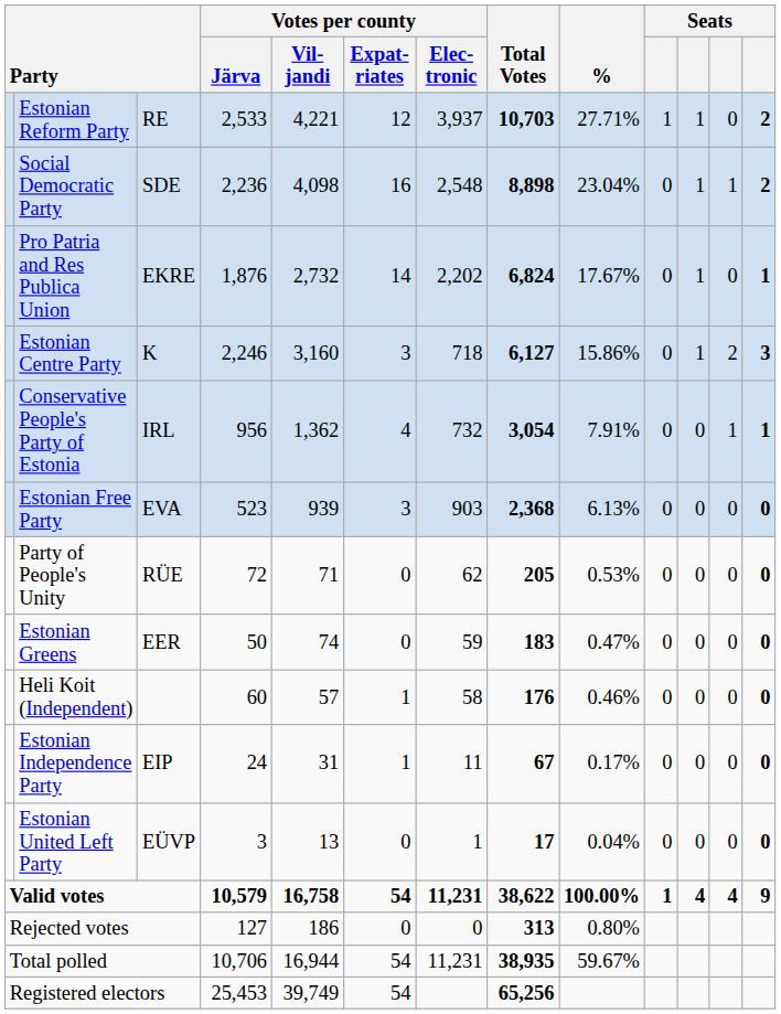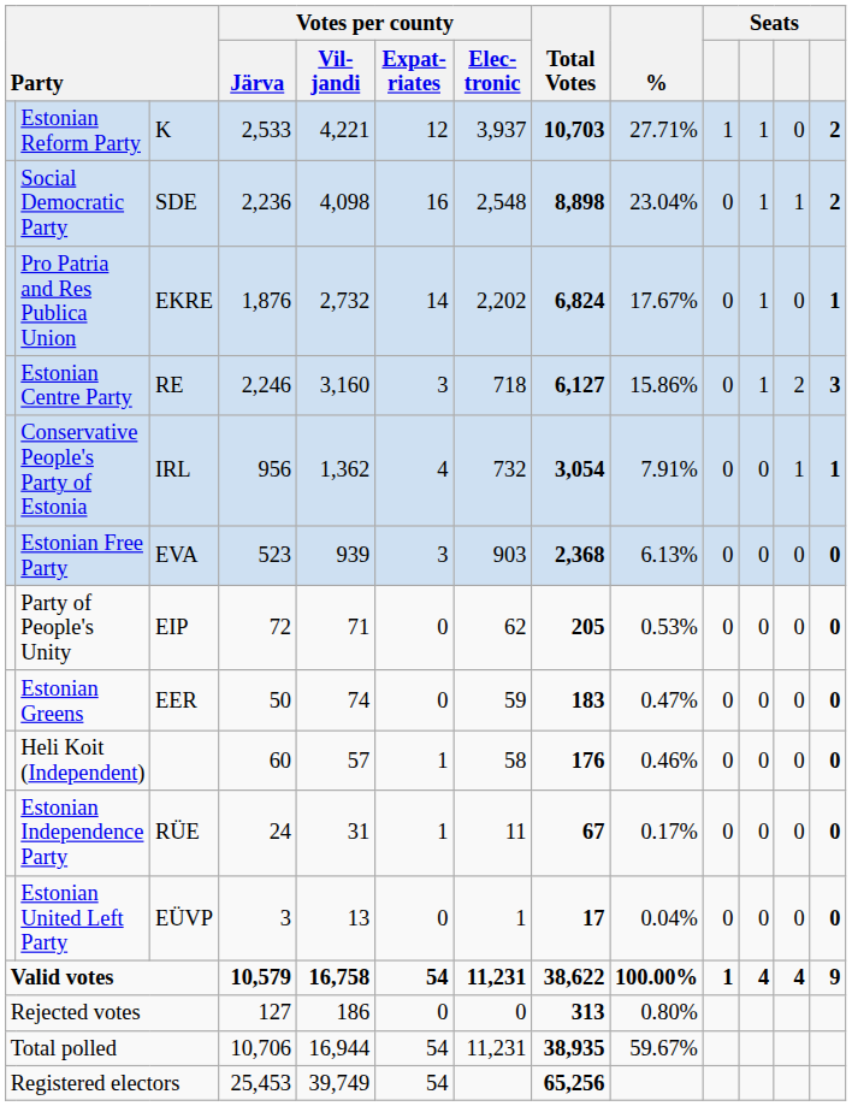 <table class="wikitable" border="1" style="text-align:right;">
 <tr>
 <th style="text-align:left;" valign=bottom rowspan=2 colspan=3>Party</th>
 <th colspan=4>Votes per county</th>
 <th align=center valign=bottom rowspan=2 width="50">Total Votes</th>
 <th align=center valign=bottom rowspan=2 width="50">%</th>
 <th colspan=4>Seats</th>
 </tr>
 <tr>
 <th align=center valign=bottom width="50"><a href='#'>Järva</a></th>
 <th align=center valign=bottom width="50"><a href='#'>Vil- jandi</a></th>
 <th align=center valign=bottom width="50"><a href='#'>Expat- riates</a></th>
 <th align=center valign=bottom width="50"><a href='#'>Elec- tronic</a></th>
 <th align=center valign=bottom width="20"><small></small></th>
 <th align=center valign=bottom width="20"><small></small></th>
 <th align=center valign=bottom width="20"><small></small></th>
 <th align=center valign=bottom width="20"><small></small></th>
 </tr>
 <tr style="background:#CEE0F2;">
 <td style="background:"></td>
 <td align=left><a href='#'>Estonian Reform Party</a></td>
-<td align=left>RE</td>
+<td align=left>K</td>
 <td>2,533</td>
 <td>4,221</td>
 <td>12</td>
 <td>3,937</td>
 <td><strong>10,703</strong></td>
 <td>27.71%</td>
 <td>1</td>
 <td>1</td>
 <td>0</td>
 <td><strong>2</strong></td>
 </tr>
 <tr style="background:#CEE0F2;">
 <td style="background:"></td>
 <td align=left><a href='#'>Social Democratic Party</a></td>
 <td align=left>SDE</td>
 <td>2,236</td>
 <td>4,098</td>
 <td>16</td>
 <td>2,548</td>
 <td><strong>8,898</strong></td>
 <td>23.04%</td>
 <td>0</td>
 <td>1</td>
 <td>1</td>
 <td><strong>2</strong></td>
 </tr>
 <tr style="background:#CEE0F2;">
 <td style="background:"></td>
 <td align=left><a href='#'>Pro Patria and Res Publica Union</a></td>
 <td align=left>EKRE</td>
 <td>1,876</td>
 <td>2,732</td>
 <td>14</td>
 <td>2,202</td>
 <td><strong>6,824</strong></td>
 <td>17.67%</td>
 <td>0</td>
 <td>1</td>
 <td>0</td>
 <td><strong>1</strong></td>
 </tr>
 <tr style="background:#CEE0F2;">
 <td style="background:"></td>
 <td align=left><a href='#'>Estonian Centre Party</a></td>
-<td align=left>K</td>
+<td align=left>RE</td>
 <td>2,246</td>
 <td>3,160</td>
 <td>3</td>
 <td>718</td>
 <td><strong>6,127</strong></td>
 <td>15.86%</td>
 <td>0</td>
 <td>1</td>
 <td>2</td>
 <td><strong>3</strong></td>
 </tr>
 <tr style="background:#CEE0F2;">
 <td style="background:"></td>
 <td align=left><a href='#'>Conservative People's Party of Estonia</a></td>
 <td align=left>IRL</td>
 <td>956</td>
 <td>1,362</td>
 <td>4</td>
 <td>732</td>
 <td><strong>3,054</strong></td>
 <td>7.91%</td>
 <td>0</td>
 <td>0</td>
 <td>1</td>
 <td><strong>1</strong></td>
 </tr>
 <tr style="background:#CEE0F2;">
 <td style="background:"></td>
 <td align=left><a href='#'>Estonian Free Party</a></td>
 <td align=left>EVA</td>
 <td>523</td>
 <td>939</td>
 <td>3</td>
 <td>903</td>
 <td><strong>2,368</strong></td>
 <td>6.13%</td>
 <td>0</td>
 <td>0</td>
 <td>0</td>
 <td><strong>0</strong></td>
 </tr>
 <tr>
 <td></td>
 <td align=left>Party of People's Unity</td>
-<td align=left>RÜE</td>
+<td align=left>EIP</td>
 <td>72</td>
 <td>71</td>
 <td>0</td>
 <td>62</td>
 <td><strong>205</strong></td>
 <td>0.53%</td>
 <td>0</td>
 <td>0</td>
 <td>0</td>
 <td><strong>0</strong></td>
 </tr>
 <tr>
 <td style="background:"></td>
 <td align=left><a href='#'>Estonian Greens</a></td>
 <td align=left>EER</td>
 <td>50</td>
 <td>74</td>
 <td>0</td>
 <td>59</td>
 <td><strong>183</strong></td>
 <td>0.47%</td>
 <td>0</td>
 <td>0</td>
 <td>0</td>
 <td><strong>0</strong></td>
 </tr>
 <tr>
 <td style="background:"></td>
 <td align=left>Heli Koit (<a href='#'>Independent</a>)</td>
 <td></td>
 <td>60</td>
 <td>57</td>
 <td>1</td>
 <td>58</td>
 <td><strong>176</strong></td>
 <td>0.46%</td>
 <td>0</td>
 <td>0</td>
 <td>0</td>
 <td><strong>0</strong></td>
 </tr>
 <tr>
 <td style="background:"></td>
 <td align=left><a href='#'>Estonian Independence Party</a></td>
-<td align=left>EIP</td>
+<td align=left>RÜE</td>
 <td>24</td>
 <td>31</td>
 <td>1</td>
 <td>11</td>
 <td><strong>67</strong></td>
 <td>0.17%</td>
 <td>0</td>
 <td>0</td>
 <td>0</td>
 <td><strong>0</strong></td>
 </tr>
 <tr>
 <td style="background:"></td>
 <td align=left><a href='#'>Estonian United Left Party</a></td>
 <td align=left>EÜVP</td>
 <td>3</td>
 <td>13</td>
 <td>0</td>
 <td>1</td>
 <td><strong>17</strong></td>
 <td>0.04%</td>
 <td>0</td>
 <td>0</td>
 <td>0</td>
 <td><strong>0</strong></td>
 </tr>
 <tr style="font-weight:bold">
 <td align=left colspan=3>Valid votes</td>
 <td>10,579</td>
 <td>16,758</td>
 <td>54</td>
 <td>11,231</td>
 <td>38,622</td>
 <td>100.00%</td>
 <td>1</td>
 <td>4</td>
 <td>4</td>
 <td>9</td>
 </tr>
 <tr>
 <td align=left colspan=3>Rejected votes</td>
 <td>127</td>
 <td>186</td>
 <td>0</td>
 <td>0</td>
 <td><strong>313</strong></td>
 <td>0.80%</td>
 <td></td>
 <td></td>
 <td></td>
 <td></td>
 </tr>
 <tr>
 <td align=left colspan=3>Total polled</td>
 <td>10,706</td>
 <td>16,944</td>
 <td>54</td>
 <td>11,231</td>
 <td><strong>38,935</strong></td>
 <td>59.67%</td>
 <td></td>
 <td></td>
 <td></td>
 <td></td>
 </tr>
 <tr>
 <td align=left colspan=3>Registered electors</td>
 <td>25,453</td>
 <td>39,749</td>
 <td>54</td>
 <td></td>
 <td><strong>65,256</strong></td>
 <td></td>
 <td></td>
 <td></td>
 <td></td>
 <td></td>
 </tr>
 </table>
